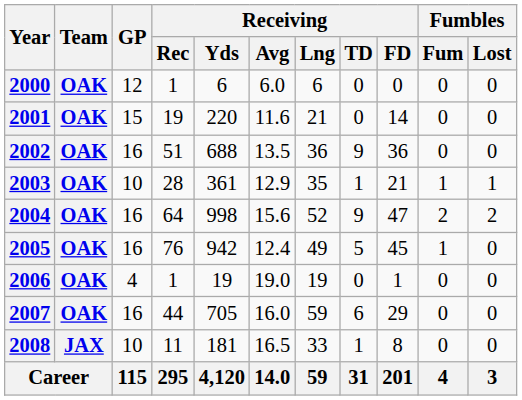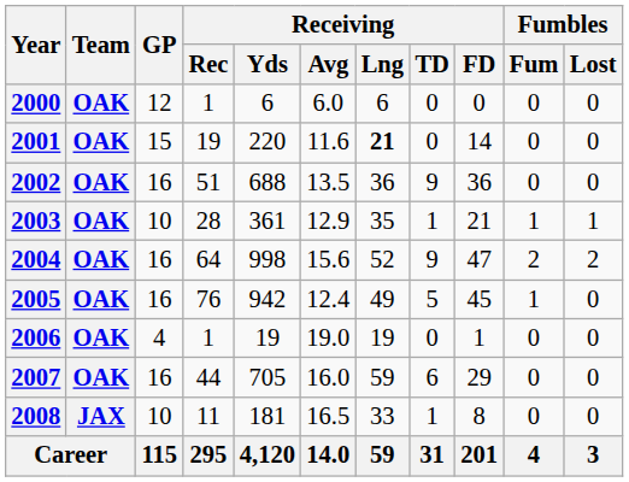 <table class="wikitable" style="text-align:center;">
 <tr>
 <th rowspan="2">Year</th>
 <th rowspan="2">Team</th>
 <th rowspan="2">GP</th>
 <th colspan="6">Receiving</th>
 <th colspan="2">Fumbles</th>
 </tr>
 <tr>
 <th>Rec</th>
 <th>Yds</th>
 <th>Avg</th>
 <th>Lng</th>
 <th>TD</th>
 <th>FD</th>
 <th>Fum</th>
 <th>Lost</th>
 </tr>
 <tr>
 <th><a href='#'>2000</a></th>
 <th><a href='#'>OAK</a></th>
 <td>12</td>
 <td>1</td>
 <td>6</td>
 <td>6.0</td>
 <td>6</td>
 <td>0</td>
 <td>0</td>
 <td>0</td>
 <td>0</td>
 </tr>
 <tr>
 <th><a href='#'>2001</a></th>
 <th><a href='#'>OAK</a></th>
 <td>15</td>
 <td>19</td>
 <td>220</td>
 <td>11.6</td>
-<td>21</td>
+<td><strong>21</strong></td>
 <td>0</td>
 <td>14</td>
 <td>0</td>
 <td>0</td>
 </tr>
 <tr>
 <th><a href='#'>2002</a></th>
 <th><a href='#'>OAK</a></th>
 <td>16</td>
 <td>51</td>
 <td>688</td>
 <td>13.5</td>
 <td>36</td>
 <td>9</td>
 <td>36</td>
 <td>0</td>
 <td>0</td>
 </tr>
 <tr>
 <th><a href='#'>2003</a></th>
 <th><a href='#'>OAK</a></th>
 <td>10</td>
 <td>28</td>
 <td>361</td>
 <td>12.9</td>
 <td>35</td>
 <td>1</td>
 <td>21</td>
 <td>1</td>
 <td>1</td>
 </tr>
 <tr>
 <th><a href='#'>2004</a></th>
 <th><a href='#'>OAK</a></th>
 <td>16</td>
 <td>64</td>
 <td>998</td>
 <td>15.6</td>
 <td>52</td>
 <td>9</td>
 <td>47</td>
 <td>2</td>
 <td>2</td>
 </tr>
 <tr>
 <th><a href='#'>2005</a></th>
 <th><a href='#'>OAK</a></th>
 <td>16</td>
 <td>76</td>
 <td>942</td>
 <td>12.4</td>
 <td>49</td>
 <td>5</td>
 <td>45</td>
 <td>1</td>
 <td>0</td>
 </tr>
 <tr>
 <th><a href='#'>2006</a></th>
 <th><a href='#'>OAK</a></th>
 <td>4</td>
 <td>1</td>
 <td>19</td>
 <td>19.0</td>
 <td>19</td>
 <td>0</td>
 <td>1</td>
 <td>0</td>
 <td>0</td>
 </tr>
 <tr>
 <th><a href='#'>2007</a></th>
 <th><a href='#'>OAK</a></th>
 <td>16</td>
 <td>44</td>
 <td>705</td>
 <td>16.0</td>
 <td>59</td>
 <td>6</td>
 <td>29</td>
 <td>0</td>
 <td>0</td>
 </tr>
 <tr>
 <th><a href='#'>2008</a></th>
 <th><a href='#'>JAX</a></th>
 <td>10</td>
 <td>11</td>
 <td>181</td>
 <td>16.5</td>
 <td>33</td>
 <td>1</td>
 <td>8</td>
 <td>0</td>
 <td>0</td>
 </tr>
 <tr>
 <th colspan="2">Career</th>
 <th>115</th>
 <th>295</th>
 <th>4,120</th>
 <th>14.0</th>
 <th>59</th>
 <th>31</th>
 <th>201</th>
 <th>4</th>
 <th>3</th>
 </tr>
 </table>
